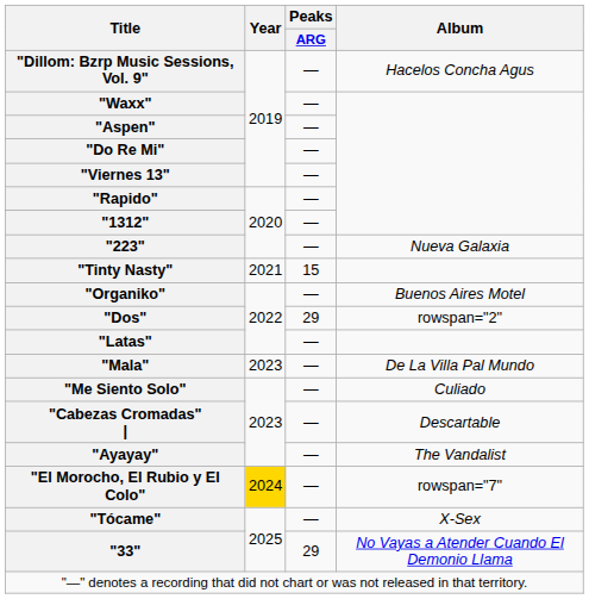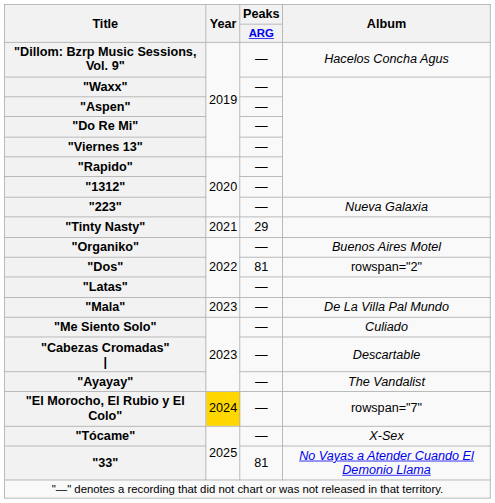 <table class="wikitable plainrowheaders" style="text-align:center;">
 <tr>
 <th scope="col" rowspan="2" style="width:15.5em;">Title</th>
 <th scope="col" rowspan="2" style="width:1em;">Year</th>
 <th scope="col">Peaks</th>
 <th scope="col" rowspan="2" style="width:16em;">Album</th>
 </tr>
 <tr>
 <th scope="col" style="width:2.5em;font-size:90%;"><a href='#'>ARG</a><br></th>
 </tr>
 <tr>
 <th scope="row">"Dillom: Bzrp Music Sessions, Vol. 9"<br></th>
 <td rowspan="5">2019</td>
 <td>—</td>
 <td><em>Hacelos Concha Agus</em></td>
 </tr>
 <tr>
 <th scope="row">"Waxx"<br></th>
 <td>—</td>
 </tr>
 <tr>
 <th scope="row">"Aspen"<br></th>
 <td>—</td>
 </tr>
 <tr>
 <th scope="row">"Do Re Mi"<br></th>
 <td>—</td>
 </tr>
 <tr>
 <th scope="row">"Viernes 13"<br></th>
 <td>—</td>
 </tr>
 <tr>
 <th scope="row">"Rapido"<br></th>
 <td rowspan="3">2020</td>
 <td>—</td>
 </tr>
 <tr>
 <th scope="row">"1312"<br></th>
 <td>—</td>
 </tr>
 <tr>
 <th scope="row">"223"<br></th>
 <td>—</td>
 <td><em>Nueva Galaxia</em></td>
 </tr>
 <tr>
 <th scope="row">"Tinty Nasty"<br></th>
 <td>2021</td>
-<td>15</td>
+<td>29</td>
 <td></td>
 </tr>
 <tr>
 <th scope="row">"Organiko"<br></th>
 <td rowspan="3">2022</td>
 <td>—</td>
 <td><em>Buenos Aires Motel</em></td>
 </tr>
 <tr>
 <th scope="row">"Dos"<br></th>
-<td>29</td>
+<td>81</td>
 <td>rowspan="2" </td>
 </tr>
 <tr>
 <th scope="row">"Latas"<br></th>
 <td>—</td>
 </tr>
 <tr>
 <th scope="row">"Mala"<br></th>
 <td>2023</td>
 <td>—</td>
 <td><em>De La Villa Pal Mundo</em></td>
 </tr>
 <tr>
 <th scope="row">"Me Siento Solo"<br></th>
 <td rowspan="3">2023</td>
 <td>—</td>
 <td><em>Culiado</em></td>
 </tr>
 <tr>
 <th scope="row">"Cabezas Cromadas"<br>|</th>
 <td>—</td>
 <td><em>Descartable</em></td>
 </tr>
 <tr>
 <th scope="row">"Ayayay"<br></th>
 <td>—</td>
 <td><em>The Vandalist</em></td>
 </tr>
 <tr>
 <th scope="row">"El Morocho, El Rubio y El Colo"<br></th>
 <td style="background: gold;">2024</td>
 <td>—</td>
 <td>rowspan="7" </td>
 </tr>
 <tr>
 <th scope="row">"Tócame"<br></th>
 <td rowspan="2">2025</td>
 <td>—</td>
 <td><em>X-Sex</em></td>
 </tr>
 <tr>
 <th scope="row">"33"<br></th>
-<td>29</td>
+<td>81</td>
 <td><em><a href='#'>No Vayas a Atender Cuando El Demonio Llama</a></td>
 </tr>
 <tr>
 <td colspan="14" style="font-size:90%">"—" denotes a recording that did not chart or was not released in that territory.</td>
 </tr>
 </table>
